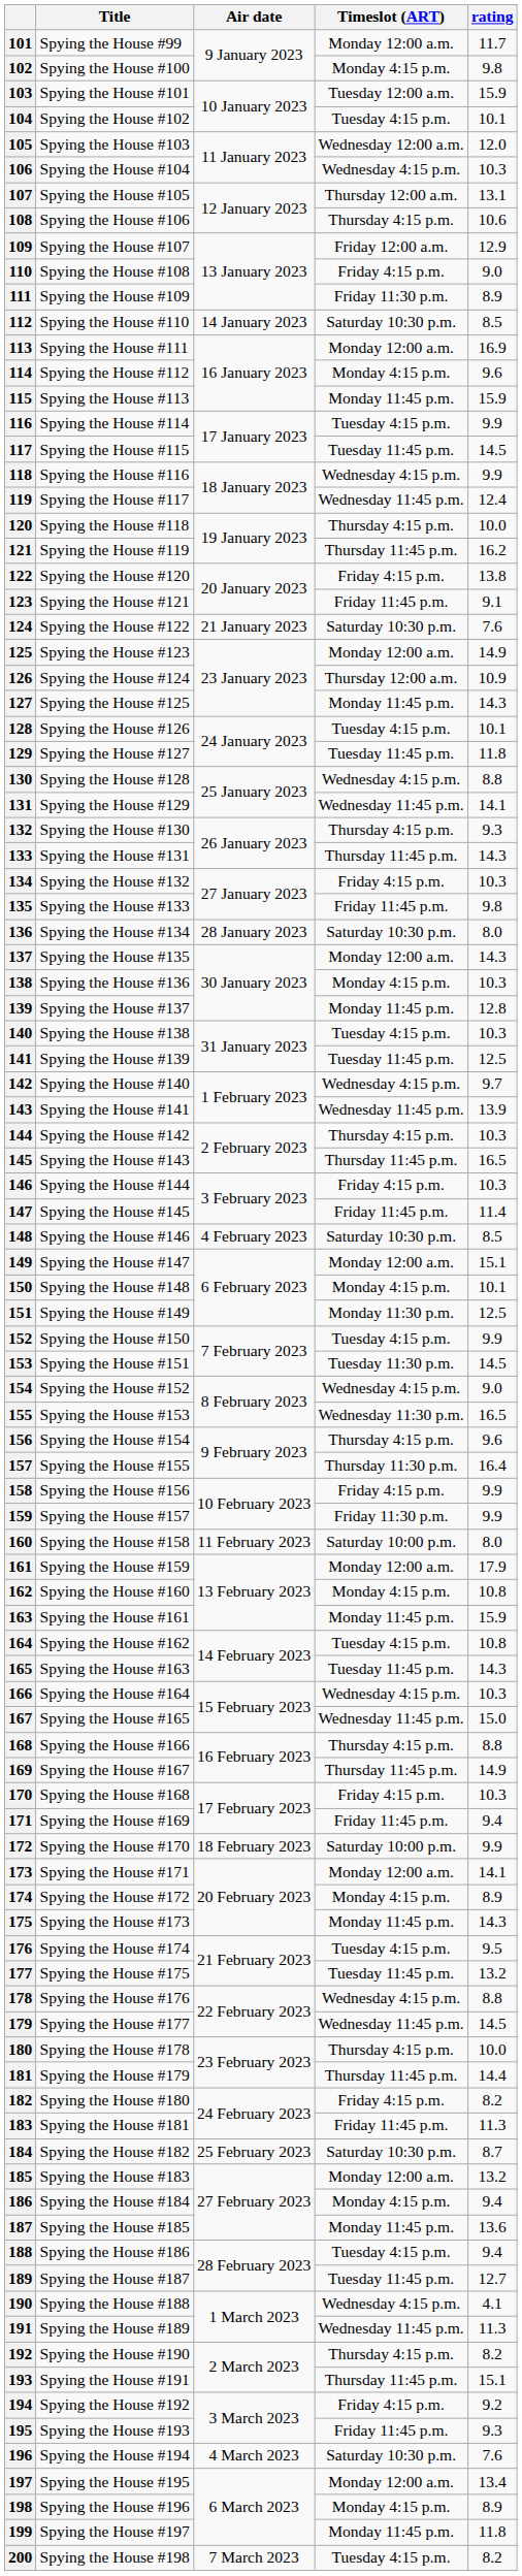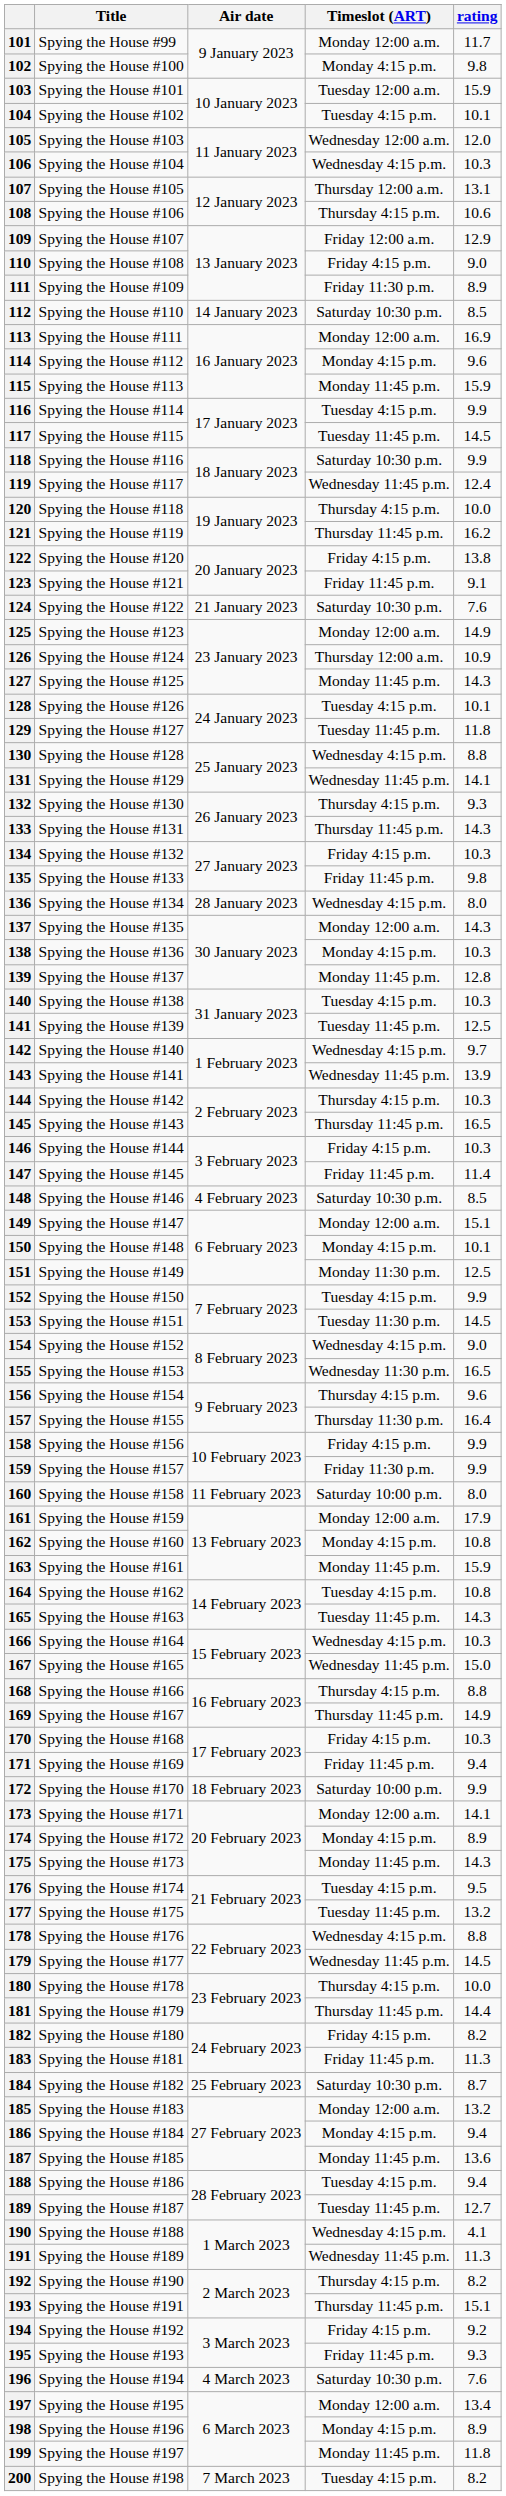 <table class="wikitable sortable plainrowheaders mw-collapsible mw-collapsed" style="text-align:center">
 <tr>
 <th></th>
 <th>Title</th>
 <th>Air date</th>
 <th>Timeslot (<a href='#'>ART</a>)</th>
 <th> <a href='#'>rating</a></th>
 </tr>
 <tr>
 <th scope="row" style="text-align:center">101</th>
 <td style="text-align: left;">Spying the House #99</td>
 <td rowspan="2">9 January 2023</td>
 <td>Monday 12:00 a.m.</td>
 <td>11.7</td>
 </tr>
 <tr>
 <th scope="row" style="text-align:center">102</th>
 <td style="text-align: left;">Spying the House #100</td>
 <td>Monday 4:15 p.m.</td>
 <td>9.8</td>
 </tr>
 <tr>
 <th scope="row" style="text-align:center">103</th>
 <td style="text-align: left;">Spying the House #101</td>
 <td rowspan="2">10 January 2023</td>
 <td>Tuesday 12:00 a.m.</td>
 <td>15.9</td>
 </tr>
 <tr>
 <th scope="row" style="text-align:center">104</th>
 <td style="text-align: left;">Spying the House #102</td>
 <td>Tuesday 4:15 p.m.</td>
 <td>10.1</td>
 </tr>
 <tr>
 <th scope="row" style="text-align:center">105</th>
 <td style="text-align: left;">Spying the House #103</td>
 <td rowspan="2">11 January 2023</td>
 <td>Wednesday 12:00 a.m.</td>
 <td>12.0</td>
 </tr>
 <tr>
 <th scope="row" style="text-align:center">106</th>
 <td style="text-align: left;">Spying the House #104</td>
 <td>Wednesday 4:15 p.m.</td>
 <td>10.3</td>
 </tr>
 <tr>
 <th scope="row" style="text-align:center">107</th>
 <td style="text-align: left;">Spying the House #105</td>
 <td rowspan="2">12 January 2023</td>
 <td>Thursday 12:00 a.m.</td>
 <td>13.1</td>
 </tr>
 <tr>
 <th scope="row" style="text-align:center">108</th>
 <td style="text-align: left;">Spying the House #106</td>
 <td>Thursday 4:15 p.m.</td>
 <td>10.6</td>
 </tr>
 <tr>
 <th scope="row" style="text-align:center">109</th>
 <td style="text-align: left;">Spying the House #107</td>
 <td rowspan="3">13 January 2023</td>
 <td>Friday 12:00 a.m.</td>
 <td>12.9</td>
 </tr>
 <tr>
 <th scope="row" style="text-align:center">110</th>
 <td style="text-align: left;">Spying the House #108</td>
 <td>Friday 4:15 p.m.</td>
 <td>9.0</td>
 </tr>
 <tr>
 <th scope="row" style="text-align:center">111</th>
 <td style="text-align: left;">Spying the House #109</td>
 <td>Friday 11:30 p.m.</td>
 <td>8.9</td>
 </tr>
 <tr>
 <th scope="row" style="text-align:center">112</th>
 <td style="text-align: left;">Spying the House #110</td>
 <td>14 January 2023</td>
 <td>Saturday 10:30 p.m.</td>
 <td>8.5</td>
 </tr>
 <tr>
 <th scope="row" style="text-align:center">113</th>
 <td style="text-align: left;">Spying the House #111</td>
 <td rowspan="3">16 January 2023</td>
 <td>Monday 12:00 a.m.</td>
 <td>16.9</td>
 </tr>
 <tr>
 <th scope="row" style="text-align:center">114</th>
 <td style="text-align: left;">Spying the House #112</td>
 <td>Monday 4:15 p.m.</td>
 <td>9.6</td>
 </tr>
 <tr>
 <th scope="row" style="text-align:center">115</th>
 <td style="text-align: left;">Spying the House #113</td>
 <td>Monday 11:45 p.m.</td>
 <td>15.9</td>
 </tr>
 <tr>
 <th scope="row" style="text-align:center">116</th>
 <td style="text-align: left;">Spying the House #114</td>
 <td rowspan="2">17 January 2023</td>
 <td>Tuesday 4:15 p.m.</td>
 <td>9.9</td>
 </tr>
 <tr>
 <th scope="row" style="text-align:center">117</th>
 <td style="text-align: left;">Spying the House #115</td>
 <td>Tuesday 11:45 p.m.</td>
 <td>14.5</td>
 </tr>
 <tr>
 <th scope="row" style="text-align:center">118</th>
 <td style="text-align: left;">Spying the House #116</td>
 <td rowspan="2">18 January 2023</td>
-<td>Wednesday 4:15 p.m.</td>
+<td>Saturday 10:30 p.m.</td>
 <td>9.9</td>
 </tr>
 <tr>
 <th scope="row" style="text-align:center">119</th>
 <td style="text-align: left;">Spying the House #117</td>
 <td>Wednesday 11:45 p.m.</td>
 <td>12.4</td>
 </tr>
 <tr>
 <th scope="row" style="text-align:center">120</th>
 <td style="text-align: left;">Spying the House #118</td>
 <td rowspan="2">19 January 2023</td>
 <td>Thursday 4:15 p.m.</td>
 <td>10.0</td>
 </tr>
 <tr>
 <th scope="row" style="text-align:center">121</th>
 <td style="text-align: left;">Spying the House #119</td>
 <td>Thursday 11:45 p.m.</td>
 <td>16.2</td>
 </tr>
 <tr>
 <th scope="row" style="text-align:center">122</th>
 <td style="text-align: left;">Spying the House #120</td>
 <td rowspan="2">20 January 2023</td>
 <td>Friday 4:15 p.m.</td>
 <td>13.8</td>
 </tr>
 <tr>
 <th scope="row" style="text-align:center">123</th>
 <td style="text-align: left;">Spying the House #121</td>
 <td>Friday 11:45 p.m.</td>
 <td>9.1</td>
 </tr>
 <tr>
 <th scope="row" style="text-align:center">124</th>
 <td style="text-align: left;">Spying the House #122</td>
 <td>21 January 2023</td>
 <td>Saturday 10:30 p.m.</td>
 <td>7.6</td>
 </tr>
 <tr>
 <th scope="row" style="text-align:center">125</th>
 <td style="text-align: left;">Spying the House #123</td>
 <td rowspan="3">23 January 2023</td>
 <td>Monday 12:00 a.m.</td>
 <td>14.9</td>
 </tr>
 <tr>
 <th scope="row" style="text-align:center">126</th>
 <td style="text-align: left;">Spying the House #124</td>
 <td>Thursday 12:00 a.m.</td>
 <td>10.9</td>
 </tr>
 <tr>
 <th scope="row" style="text-align:center">127</th>
 <td style="text-align: left;">Spying the House #125</td>
 <td>Monday 11:45 p.m.</td>
 <td>14.3</td>
 </tr>
 <tr>
 <th scope="row" style="text-align:center">128</th>
 <td style="text-align: left;">Spying the House #126</td>
 <td rowspan="2">24 January 2023</td>
 <td>Tuesday 4:15 p.m.</td>
 <td>10.1</td>
 </tr>
 <tr>
 <th scope="row" style="text-align:center">129</th>
 <td style="text-align: left;">Spying the House #127</td>
 <td>Tuesday 11:45 p.m.</td>
 <td>11.8</td>
 </tr>
 <tr>
 <th scope="row" style="text-align:center">130</th>
 <td style="text-align: left;">Spying the House #128</td>
 <td rowspan="2">25 January 2023</td>
 <td>Wednesday 4:15 p.m.</td>
 <td>8.8</td>
 </tr>
 <tr>
 <th scope="row" style="text-align:center">131</th>
 <td style="text-align: left;">Spying the House #129</td>
 <td>Wednesday 11:45 p.m.</td>
 <td>14.1</td>
 </tr>
 <tr>
 <th scope="row" style="text-align:center">132</th>
 <td style="text-align: left;">Spying the House #130</td>
 <td rowspan="2">26 January 2023</td>
 <td>Thursday 4:15 p.m.</td>
 <td>9.3</td>
 </tr>
 <tr>
 <th scope="row" style="text-align:center">133</th>
 <td style="text-align: left;">Spying the House #131</td>
 <td>Thursday 11:45 p.m.</td>
 <td>14.3</td>
 </tr>
 <tr>
 <th scope="row" style="text-align:center">134</th>
 <td style="text-align: left;">Spying the House #132</td>
 <td rowspan="2">27 January 2023</td>
 <td>Friday 4:15 p.m.</td>
 <td>10.3</td>
 </tr>
 <tr>
 <th scope="row" style="text-align:center">135</th>
 <td style="text-align: left;">Spying the House #133</td>
 <td>Friday 11:45 p.m.</td>
 <td>9.8</td>
 </tr>
 <tr>
 <th scope="row" style="text-align:center">136</th>
 <td style="text-align: left;">Spying the House #134</td>
 <td>28 January 2023</td>
-<td>Saturday 10:30 p.m.</td>
+<td>Wednesday 4:15 p.m.</td>
 <td>8.0</td>
 </tr>
 <tr>
 <th scope="row" style="text-align:center">137</th>
 <td style="text-align: left;">Spying the House #135</td>
 <td rowspan="3">30 January 2023</td>
 <td>Monday 12:00 a.m.</td>
 <td>14.3</td>
 </tr>
 <tr>
 <th scope="row" style="text-align:center">138</th>
 <td style="text-align: left;">Spying the House #136</td>
 <td>Monday 4:15 p.m.</td>
 <td>10.3</td>
 </tr>
 <tr>
 <th scope="row" style="text-align:center">139</th>
 <td style="text-align: left;">Spying the House #137</td>
 <td>Monday 11:45 p.m.</td>
 <td>12.8</td>
 </tr>
 <tr>
 <th scope="row" style="text-align:center">140</th>
 <td style="text-align: left;">Spying the House #138</td>
 <td rowspan="2">31 January 2023</td>
 <td>Tuesday 4:15 p.m.</td>
 <td>10.3</td>
 </tr>
 <tr>
 <th scope="row" style="text-align:center">141</th>
 <td style="text-align: left;">Spying the House #139</td>
 <td>Tuesday 11:45 p.m.</td>
 <td>12.5</td>
 </tr>
 <tr>
 <th scope="row" style="text-align:center">142</th>
 <td style="text-align: left;">Spying the House #140</td>
 <td rowspan="2">1 February 2023</td>
 <td>Wednesday 4:15 p.m.</td>
 <td>9.7</td>
 </tr>
 <tr>
 <th scope="row" style="text-align:center">143</th>
 <td style="text-align: left;">Spying the House #141</td>
 <td>Wednesday 11:45 p.m.</td>
 <td>13.9</td>
 </tr>
 <tr>
 <th scope="row" style="text-align:center">144</th>
 <td style="text-align: left;">Spying the House #142</td>
 <td rowspan="2">2 February 2023</td>
 <td>Thursday 4:15 p.m.</td>
 <td>10.3</td>
 </tr>
 <tr>
 <th scope="row" style="text-align:center">145</th>
 <td style="text-align: left;">Spying the House #143</td>
 <td>Thursday 11:45 p.m.</td>
 <td>16.5</td>
 </tr>
 <tr>
 <th scope="row" style="text-align:center">146</th>
 <td style="text-align: left;">Spying the House #144</td>
 <td rowspan="2">3 February 2023</td>
 <td>Friday 4:15 p.m.</td>
 <td>10.3</td>
 </tr>
 <tr>
 <th scope="row" style="text-align:center">147</th>
 <td style="text-align: left;">Spying the House #145</td>
 <td>Friday 11:45 p.m.</td>
 <td>11.4</td>
 </tr>
 <tr>
 <th scope="row" style="text-align:center">148</th>
 <td style="text-align: left;">Spying the House #146</td>
 <td>4 February 2023</td>
 <td>Saturday 10:30 p.m.</td>
 <td>8.5</td>
 </tr>
 <tr>
 <th scope="row" style="text-align:center">149</th>
 <td style="text-align: left;">Spying the House #147</td>
 <td rowspan="3">6 February 2023</td>
 <td>Monday 12:00 a.m.</td>
 <td>15.1</td>
 </tr>
 <tr>
 <th scope="row" style="text-align:center">150</th>
 <td style="text-align: left;">Spying the House #148</td>
 <td>Monday 4:15 p.m.</td>
 <td>10.1</td>
 </tr>
 <tr>
 <th scope="row" style="text-align:center">151</th>
 <td style="text-align: left;">Spying the House #149</td>
 <td>Monday 11:30 p.m.</td>
 <td>12.5</td>
 </tr>
 <tr>
 <th scope="row" style="text-align:center">152</th>
 <td style="text-align: left;">Spying the House #150</td>
 <td rowspan="2">7 February 2023</td>
 <td>Tuesday 4:15 p.m.</td>
 <td>9.9</td>
 </tr>
 <tr>
 <th scope="row" style="text-align:center">153</th>
 <td style="text-align: left;">Spying the House #151</td>
 <td>Tuesday 11:30 p.m.</td>
 <td>14.5</td>
 </tr>
 <tr>
 <th scope="row" style="text-align:center">154</th>
 <td style="text-align: left;">Spying the House #152</td>
 <td rowspan="2">8 February 2023</td>
 <td>Wednesday 4:15 p.m.</td>
 <td>9.0</td>
 </tr>
 <tr>
 <th scope="row" style="text-align:center">155</th>
 <td style="text-align: left;">Spying the House #153</td>
 <td>Wednesday 11:30 p.m.</td>
 <td>16.5</td>
 </tr>
 <tr>
 <th scope="row" style="text-align:center">156</th>
 <td style="text-align: left;">Spying the House #154</td>
 <td rowspan="2">9 February 2023</td>
 <td>Thursday 4:15 p.m.</td>
 <td>9.6</td>
 </tr>
 <tr>
 <th scope="row" style="text-align:center">157</th>
 <td style="text-align: left;">Spying the House #155</td>
 <td>Thursday 11:30 p.m.</td>
 <td>16.4</td>
 </tr>
 <tr>
 <th scope="row" style="text-align:center">158</th>
 <td style="text-align: left;">Spying the House #156</td>
 <td rowspan="2">10 February 2023</td>
 <td>Friday 4:15 p.m.</td>
 <td>9.9</td>
 </tr>
 <tr>
 <th scope="row" style="text-align:center">159</th>
 <td style="text-align: left;">Spying the House #157</td>
 <td>Friday 11:30 p.m.</td>
 <td>9.9</td>
 </tr>
 <tr>
 <th scope="row" style="text-align:center">160</th>
 <td style="text-align: left;">Spying the House #158</td>
 <td>11 February 2023</td>
 <td>Saturday 10:00 p.m.</td>
 <td>8.0</td>
 </tr>
 <tr>
 <th scope="row" style="text-align:center">161</th>
 <td style="text-align: left;">Spying the House #159</td>
 <td rowspan="3">13 February 2023</td>
 <td>Monday 12:00 a.m.</td>
 <td>17.9</td>
 </tr>
 <tr>
 <th scope="row" style="text-align:center">162</th>
 <td style="text-align: left;">Spying the House #160</td>
 <td>Monday 4:15 p.m.</td>
 <td>10.8</td>
 </tr>
 <tr>
 <th scope="row" style="text-align:center">163</th>
 <td style="text-align: left;">Spying the House #161</td>
 <td>Monday 11:45 p.m.</td>
 <td>15.9</td>
 </tr>
 <tr>
 <th scope="row" style="text-align:center">164</th>
 <td style="text-align: left;">Spying the House #162</td>
 <td rowspan="2">14 February 2023</td>
 <td>Tuesday 4:15 p.m.</td>
 <td>10.8</td>
 </tr>
 <tr>
 <th scope="row" style="text-align:center">165</th>
 <td style="text-align: left;">Spying the House #163</td>
 <td>Tuesday 11:45 p.m.</td>
 <td>14.3</td>
 </tr>
 <tr>
 <th scope="row" style="text-align:center">166</th>
 <td style="text-align: left;">Spying the House #164</td>
 <td rowspan="2">15 February 2023</td>
 <td>Wednesday 4:15 p.m.</td>
 <td>10.3</td>
 </tr>
 <tr>
 <th scope="row" style="text-align:center">167</th>
 <td style="text-align: left;">Spying the House #165</td>
 <td>Wednesday 11:45 p.m.</td>
 <td>15.0</td>
 </tr>
 <tr>
 <th scope="row" style="text-align:center">168</th>
 <td style="text-align: left;">Spying the House #166</td>
 <td rowspan="2">16 February 2023</td>
 <td>Thursday 4:15 p.m.</td>
 <td>8.8</td>
 </tr>
 <tr>
 <th scope="row" style="text-align:center">169</th>
 <td style="text-align: left;">Spying the House #167</td>
 <td>Thursday 11:45 p.m.</td>
 <td>14.9</td>
 </tr>
 <tr>
 <th scope="row" style="text-align:center">170</th>
 <td style="text-align: left;">Spying the House #168</td>
 <td rowspan="2">17 February 2023</td>
 <td>Friday 4:15 p.m.</td>
 <td>10.3</td>
 </tr>
 <tr>
 <th scope="row" style="text-align:center">171</th>
 <td style="text-align: left;">Spying the House #169</td>
 <td>Friday 11:45 p.m.</td>
 <td>9.4</td>
 </tr>
 <tr>
 <th scope="row" style="text-align:center">172</th>
 <td style="text-align: left;">Spying the House #170</td>
 <td>18 February 2023</td>
 <td>Saturday 10:00 p.m.</td>
 <td>9.9</td>
 </tr>
 <tr>
 <th scope="row" style="text-align:center">173</th>
 <td style="text-align: left;">Spying the House #171</td>
 <td rowspan="3">20 February 2023</td>
 <td>Monday 12:00 a.m.</td>
 <td>14.1</td>
 </tr>
 <tr>
 <th scope="row" style="text-align:center">174</th>
 <td style="text-align: left;">Spying the House #172</td>
 <td>Monday 4:15 p.m.</td>
 <td>8.9</td>
 </tr>
 <tr>
 <th scope="row" style="text-align:center">175</th>
 <td style="text-align: left;">Spying the House #173</td>
 <td>Monday 11:45 p.m.</td>
 <td>14.3</td>
 </tr>
 <tr>
 <th scope="row" style="text-align:center">176</th>
 <td style="text-align: left;">Spying the House #174</td>
 <td rowspan="2">21 February 2023</td>
 <td>Tuesday 4:15 p.m.</td>
 <td>9.5</td>
 </tr>
 <tr>
 <th scope="row" style="text-align:center">177</th>
 <td style="text-align: left;">Spying the House #175</td>
 <td>Tuesday 11:45 p.m.</td>
 <td>13.2</td>
 </tr>
 <tr>
 <th scope="row" style="text-align:center">178</th>
 <td style="text-align: left;">Spying the House #176</td>
 <td rowspan="2">22 February 2023</td>
 <td>Wednesday 4:15 p.m.</td>
 <td>8.8</td>
 </tr>
 <tr>
 <th scope="row" style="text-align:center">179</th>
 <td style="text-align: left;">Spying the House #177</td>
 <td>Wednesday 11:45 p.m.</td>
 <td>14.5</td>
 </tr>
 <tr>
 <th scope="row" style="text-align:center">180</th>
 <td style="text-align: left;">Spying the House #178</td>
 <td rowspan="2">23 February 2023</td>
 <td>Thursday 4:15 p.m.</td>
 <td>10.0</td>
 </tr>
 <tr>
 <th scope="row" style="text-align:center">181</th>
 <td style="text-align: left;">Spying the House #179</td>
 <td>Thursday 11:45 p.m.</td>
 <td>14.4</td>
 </tr>
 <tr>
 <th scope="row" style="text-align:center">182</th>
 <td style="text-align: left;">Spying the House #180</td>
 <td rowspan="2">24 February 2023</td>
 <td>Friday 4:15 p.m.</td>
 <td>8.2</td>
 </tr>
 <tr>
 <th scope="row" style="text-align:center">183</th>
 <td style="text-align: left;">Spying the House #181</td>
 <td>Friday 11:45 p.m.</td>
 <td>11.3</td>
 </tr>
 <tr>
 <th scope="row" style="text-align:center">184</th>
 <td style="text-align: left;">Spying the House #182</td>
 <td>25 February 2023</td>
 <td>Saturday 10:30 p.m.</td>
 <td>8.7</td>
 </tr>
 <tr>
 <th scope="row" style="text-align:center">185</th>
 <td style="text-align: left;">Spying the House #183</td>
 <td rowspan="3">27 February 2023</td>
 <td>Monday 12:00 a.m.</td>
 <td>13.2</td>
 </tr>
 <tr>
 <th scope="row" style="text-align:center">186</th>
 <td style="text-align: left;">Spying the House #184</td>
 <td>Monday 4:15 p.m.</td>
 <td>9.4</td>
 </tr>
 <tr>
 <th scope="row" style="text-align:center">187</th>
 <td style="text-align: left;">Spying the House #185</td>
 <td>Monday 11:45 p.m.</td>
 <td>13.6</td>
 </tr>
 <tr>
 <th scope="row" style="text-align:center">188</th>
 <td style="text-align: left;">Spying the House #186</td>
 <td rowspan="2">28 February 2023</td>
 <td>Tuesday 4:15 p.m.</td>
 <td>9.4</td>
 </tr>
 <tr>
 <th scope="row" style="text-align:center">189</th>
 <td style="text-align: left;">Spying the House #187</td>
 <td>Tuesday 11:45 p.m.</td>
 <td>12.7</td>
 </tr>
 <tr>
 <th scope="row" style="text-align:center">190</th>
 <td style="text-align: left;">Spying the House #188</td>
 <td rowspan="2">1 March 2023</td>
 <td>Wednesday 4:15 p.m.</td>
 <td>4.1</td>
 </tr>
 <tr>
 <th scope="row" style="text-align:center">191</th>
 <td style="text-align: left;">Spying the House #189</td>
 <td>Wednesday 11:45 p.m.</td>
 <td>11.3</td>
 </tr>
 <tr>
 <th scope="row" style="text-align:center">192</th>
 <td style="text-align: left;">Spying the House #190</td>
 <td rowspan="2">2 March 2023</td>
 <td>Thursday 4:15 p.m.</td>
 <td>8.2</td>
 </tr>
 <tr>
 <th scope="row" style="text-align:center">193</th>
 <td style="text-align: left;">Spying the House #191</td>
 <td>Thursday 11:45 p.m.</td>
 <td>15.1</td>
 </tr>
 <tr>
 <th scope="row" style="text-align:center">194</th>
 <td style="text-align: left;">Spying the House #192</td>
 <td rowspan="2">3 March 2023</td>
 <td>Friday 4:15 p.m.</td>
 <td>9.2</td>
 </tr>
 <tr>
 <th scope="row" style="text-align:center">195</th>
 <td style="text-align: left;">Spying the House #193</td>
 <td>Friday 11:45 p.m.</td>
 <td>9.3</td>
 </tr>
 <tr>
 <th scope="row" style="text-align:center">196</th>
 <td style="text-align: left;">Spying the House #194</td>
 <td>4 March 2023</td>
 <td>Saturday 10:30 p.m.</td>
 <td>7.6</td>
 </tr>
 <tr>
 <th scope="row" style="text-align:center">197</th>
 <td style="text-align: left;">Spying the House #195</td>
 <td rowspan="3">6 March 2023</td>
 <td>Monday 12:00 a.m.</td>
 <td>13.4</td>
 </tr>
 <tr>
 <th scope="row" style="text-align:center">198</th>
 <td style="text-align: left;">Spying the House #196</td>
 <td>Monday 4:15 p.m.</td>
 <td>8.9</td>
 </tr>
 <tr>
 <th scope="row" style="text-align:center">199</th>
 <td style="text-align: left;">Spying the House #197</td>
 <td>Monday 11:45 p.m.</td>
 <td>11.8</td>
 </tr>
 <tr>
 <th scope="row" style="text-align:center">200</th>
 <td style="text-align: left;">Spying the House #198</td>
 <td>7 March 2023</td>
 <td>Tuesday 4:15 p.m.</td>
 <td>8.2</td>
 </tr>
 </table>
